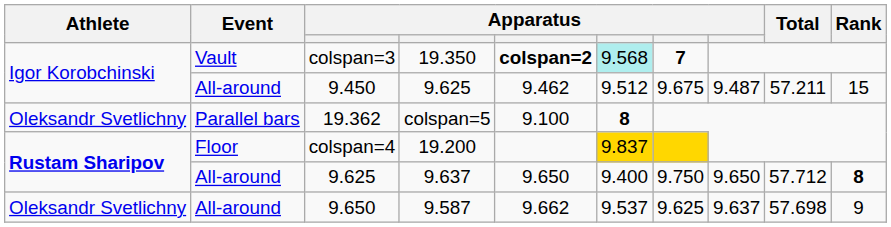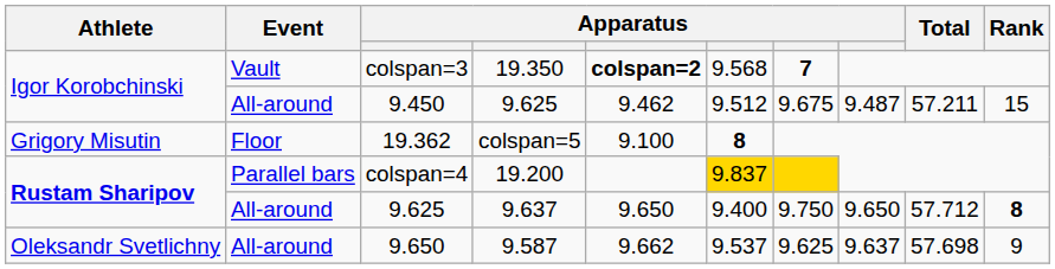 <table class="wikitable" style="font-size:90%">
 <tr>
 <th rowspan=2>Athlete</th>
 <th rowspan=2>Event</th>
 <th colspan =6>Apparatus</th>
 <th rowspan=2>Total</th>
 <th rowspan=2>Rank</th>
 </tr>
 <tr style="font-size:95%">
 <th></th>
 <th></th>
 <th></th>
 <th></th>
 <th></th>
 <th></th>
 </tr>
 <tr align=center>
 <td align=left rowspan=2><a href='#'>Igor Korobchinski</a></td>
 <td align=left><a href='#'>Vault</a></td>
 <td>colspan=3 </td>
 <td>19.350</td>
 <td><strong>colspan=2 </strong></td>
-<td style="background: paleturquoise;">9.568</td>
+<td>9.568</td>
 <td><strong>7</strong></td>
 </tr>
 <tr align=center>
 <td align=left><a href='#'>All-around</a></td>
 <td>9.450</td>
 <td>9.625</td>
 <td>9.462</td>
 <td>9.512</td>
 <td>9.675</td>
 <td>9.487</td>
 <td>57.211</td>
 <td>15</td>
 </tr>
 <tr align=center>
-<td align=left><a href='#'>Oleksandr Svetlichny</a></td>
-<td align=left><a href='#'>Parallel bars</a></td>
+<td align=left><a href='#'>Grigory Misutin</a></td>
+<td align=left><a href='#'>Floor</a></td>
 <td>19.362</td>
 <td>colspan=5 </td>
 <td>9.100</td>
 <td><strong>8</strong></td>
 </tr>
 <tr align=center>
 <td align=left rowspan=2><strong><a href='#'>Rustam Sharipov</a></strong></td>
-<td align=left><a href='#'>Floor</a></td>
+<td align=left><a href='#'>Parallel bars</a></td>
 <td>colspan=4 </td>
 <td>19.200</td>
 <td></td>
 <td align="center" bgcolor='gold'>9.837</td>
 <td align="center" bgcolor='gold'></td>
 </tr>
 <tr align=center>
 <td align=left><a href='#'>All-around</a></td>
 <td>9.625</td>
 <td>9.637</td>
 <td>9.650</td>
 <td>9.400</td>
 <td>9.750</td>
 <td>9.650</td>
 <td>57.712</td>
 <td><strong>8</strong></td>
 </tr>
 <tr align=center>
 <td align=left><a href='#'>Oleksandr Svetlichny</a></td>
 <td align=left><a href='#'>All-around</a></td>
 <td>9.650</td>
 <td>9.587</td>
 <td>9.662</td>
 <td>9.537</td>
 <td>9.625</td>
 <td>9.637</td>
 <td>57.698</td>
 <td>9</td>
 </tr>
 </table>
